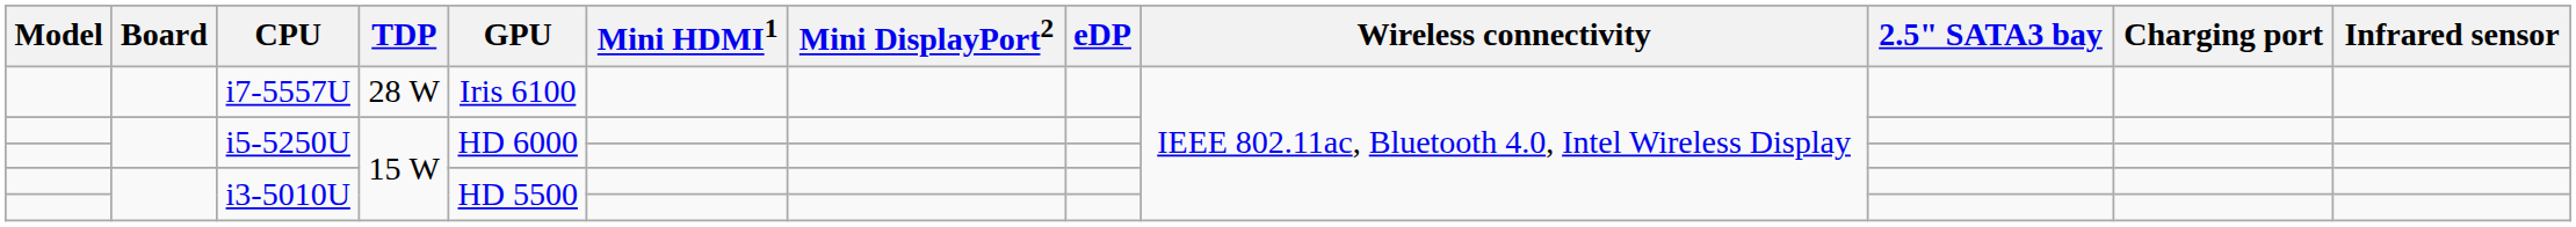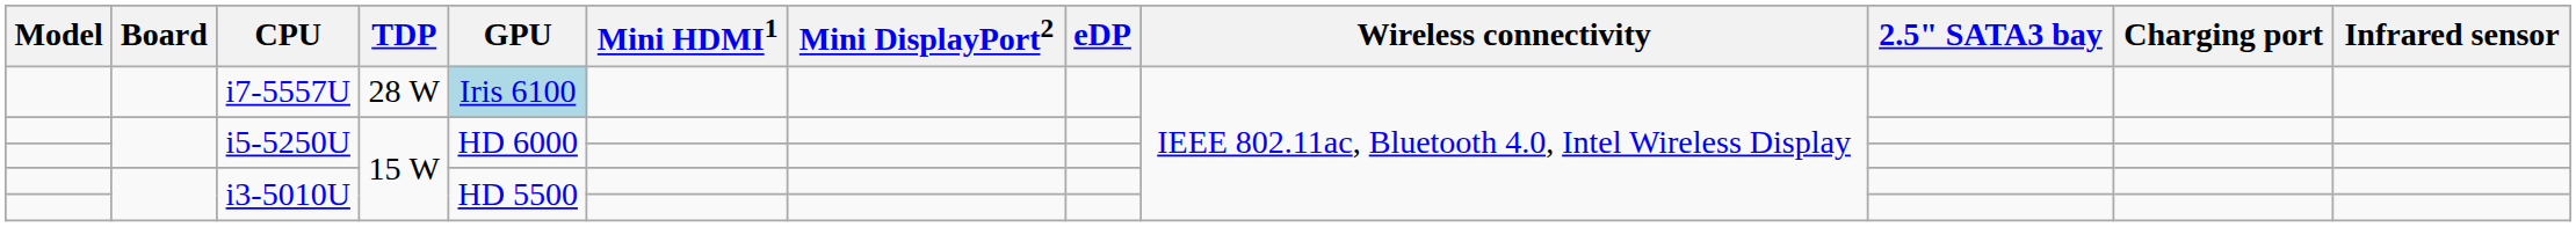 <table class=wikitable width=100% style="text-align:center">
 <tr>
 <th>Model</th>
 <th>Board</th>
 <th>CPU</th>
 <th><a href='#'>TDP</a></th>
 <th>GPU</th>
 <th><a href='#'>Mini HDMI</a><sup>1</sup></th>
 <th><a href='#'>Mini DisplayPort</a><sup>2</sup></th>
 <th><a href='#'>eDP</a></th>
 <th>Wireless connectivity</th>
 <th><a href='#'>2.5" SATA3 bay</a></th>
 <th>Charging port</th>
 <th>Infrared sensor</th>
 </tr>
 <tr>
 <td></td>
 <td></td>
 <td><a href='#'>i7-5557U</a></td>
 <td>28 W</td>
-<td><a href='#'>Iris 6100</a></td>
+<td style="background: lightblue;"><a href='#'>Iris 6100</a></td>
 <td></td>
 <td></td>
 <td></td>
 <td rowspan=5><a href='#'>IEEE 802.11ac</a>, <a href='#'>Bluetooth 4.0</a>, <a href='#'>Intel Wireless Display</a></td>
 <td></td>
 <td></td>
 <td></td>
 </tr>
 <tr>
 <td></td>
 <td rowspan=2></td>
 <td rowspan=2><a href='#'>i5-5250U</a></td>
 <td rowspan=4>15 W</td>
 <td rowspan=2><a href='#'>HD 6000</a></td>
 <td></td>
 <td></td>
 <td></td>
 <td></td>
 <td></td>
 <td></td>
 </tr>
 <tr>
 <td></td>
 <td></td>
 <td></td>
 <td></td>
 <td></td>
 <td></td>
 <td></td>
 </tr>
 <tr>
 <td></td>
 <td rowspan=2></td>
 <td rowspan=2><a href='#'>i3-5010U</a></td>
 <td rowspan=2><a href='#'>HD 5500</a></td>
 <td></td>
 <td></td>
 <td></td>
 <td></td>
 <td></td>
 <td></td>
 </tr>
 <tr>
 <td></td>
 <td></td>
 <td></td>
 <td></td>
 <td></td>
 <td></td>
 <td></td>
 </tr>
 </table>
